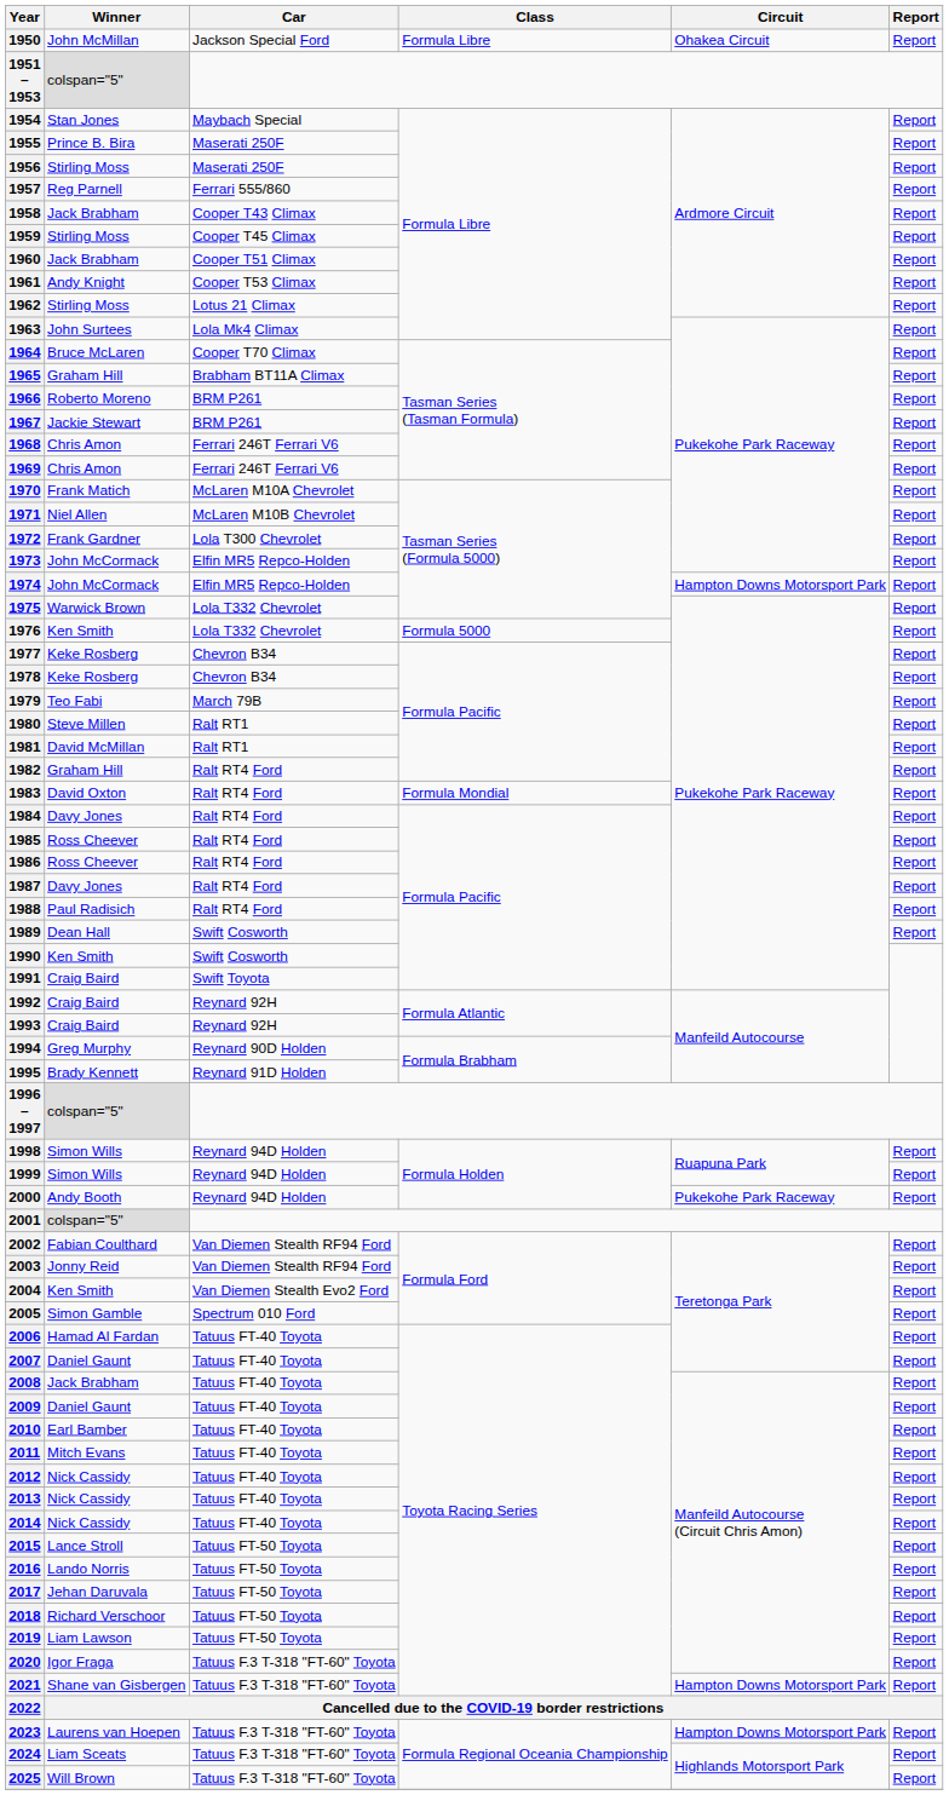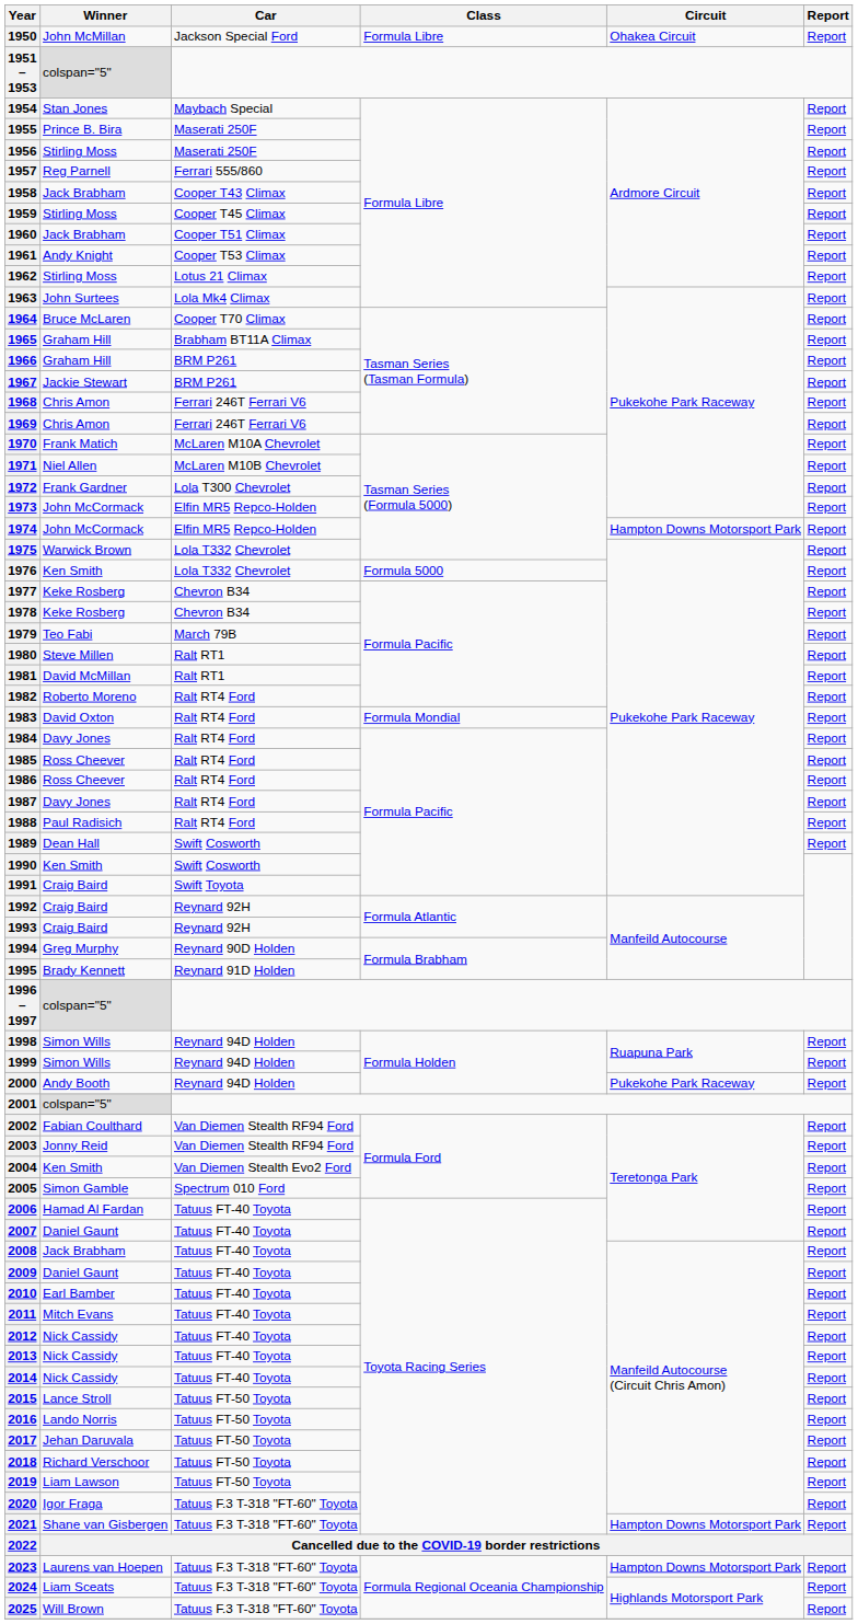 <table class="wikitable" style="font-size: 87%;">
 <tr>
 <th>Year</th>
 <th>Winner</th>
 <th>Car</th>
 <th>Class</th>
 <th>Circuit</th>
 <th>Report</th>
 </tr>
 <tr>
 <th>1950</th>
 <td> <a href='#'>John McMillan</a></td>
 <td>Jackson Special <a href='#'>Ford</a></td>
 <td><a href='#'>Formula Libre</a></td>
 <td><a href='#'>Ohakea Circuit</a></td>
 <td><a href='#'>Report</a></td>
 </tr>
 <tr style="background: #dddddd">
 <th>1951<br>–<br>1953</th>
 <td>colspan="5" </td>
 </tr>
 <tr>
 <th>1954</th>
 <td> <a href='#'>Stan Jones</a></td>
 <td><a href='#'>Maybach</a> Special</td>
 <td rowspan=10><a href='#'>Formula Libre</a></td>
 <td rowspan=9><a href='#'>Ardmore Circuit</a></td>
 <td><a href='#'>Report</a></td>
 </tr>
 <tr>
 <th>1955</th>
 <td> <a href='#'>Prince B. Bira</a></td>
 <td><a href='#'>Maserati 250F</a></td>
 <td><a href='#'>Report</a></td>
 </tr>
 <tr>
 <th>1956</th>
 <td> <a href='#'>Stirling Moss</a></td>
 <td><a href='#'>Maserati 250F</a></td>
 <td><a href='#'>Report</a></td>
 </tr>
 <tr>
 <th>1957</th>
 <td> <a href='#'>Reg Parnell</a></td>
 <td><a href='#'>Ferrari</a> 555/860</td>
 <td><a href='#'>Report</a></td>
 </tr>
 <tr>
 <th>1958</th>
 <td> <a href='#'>Jack Brabham</a></td>
 <td><a href='#'>Cooper T43</a> <a href='#'>Climax</a></td>
 <td><a href='#'>Report</a></td>
 </tr>
 <tr>
 <th>1959</th>
 <td> <a href='#'>Stirling Moss</a></td>
 <td><a href='#'>Cooper</a> T45 <a href='#'>Climax</a></td>
 <td><a href='#'>Report</a></td>
 </tr>
 <tr>
 <th>1960</th>
 <td> <a href='#'>Jack Brabham</a></td>
 <td><a href='#'>Cooper T51</a> <a href='#'>Climax</a></td>
 <td><a href='#'>Report</a></td>
 </tr>
 <tr>
 <th>1961</th>
 <td> <a href='#'>Andy Knight</a></td>
 <td><a href='#'>Cooper</a> T53 <a href='#'>Climax</a></td>
 <td><a href='#'>Report</a></td>
 </tr>
 <tr>
 <th>1962</th>
 <td> <a href='#'>Stirling Moss</a></td>
 <td><a href='#'>Lotus 21</a> <a href='#'>Climax</a></td>
 <td><a href='#'>Report</a></td>
 </tr>
 <tr>
 <th>1963</th>
 <td> <a href='#'>John Surtees</a></td>
 <td><a href='#'>Lola Mk4</a> <a href='#'>Climax</a></td>
 <td rowspan=11><a href='#'>Pukekohe Park Raceway</a></td>
 <td><a href='#'>Report</a></td>
 </tr>
 <tr>
 <th><a href='#'>1964</a></th>
 <td> <a href='#'>Bruce McLaren</a></td>
 <td><a href='#'>Cooper</a> T70 <a href='#'>Climax</a></td>
 <td rowspan=6><a href='#'>Tasman Series</a><br>(<a href='#'>Tasman Formula</a>)</td>
 <td><a href='#'>Report</a></td>
 </tr>
 <tr>
 <th><a href='#'>1965</a></th>
 <td> <a href='#'>Graham Hill</a></td>
 <td><a href='#'>Brabham</a> BT11A <a href='#'>Climax</a></td>
 <td><a href='#'>Report</a></td>
 </tr>
 <tr>
 <th><a href='#'>1966</a></th>
-<td> <a href='#'>Roberto Moreno</a></td>
+<td> <a href='#'>Graham Hill</a></td>
 <td><a href='#'>BRM P261</a></td>
 <td><a href='#'>Report</a></td>
 </tr>
 <tr>
 <th><a href='#'>1967</a></th>
 <td> <a href='#'>Jackie Stewart</a></td>
 <td><a href='#'>BRM P261</a></td>
 <td><a href='#'>Report</a></td>
 </tr>
 <tr>
 <th><a href='#'>1968</a></th>
 <td> <a href='#'>Chris Amon</a></td>
 <td><a href='#'>Ferrari</a> 246T <a href='#'>Ferrari V6</a></td>
 <td><a href='#'>Report</a></td>
 </tr>
 <tr>
 <th><a href='#'>1969</a></th>
 <td> <a href='#'>Chris Amon</a></td>
 <td><a href='#'>Ferrari</a> 246T <a href='#'>Ferrari V6</a></td>
 <td><a href='#'>Report</a></td>
 </tr>
 <tr>
 <th><a href='#'>1970</a></th>
 <td> <a href='#'>Frank Matich</a></td>
 <td><a href='#'>McLaren</a> M10A <a href='#'>Chevrolet</a></td>
 <td rowspan=6><a href='#'>Tasman Series</a><br>(<a href='#'>Formula 5000</a>)</td>
 <td><a href='#'>Report</a></td>
 </tr>
 <tr>
 <th><a href='#'>1971</a></th>
 <td> <a href='#'>Niel Allen</a></td>
 <td><a href='#'>McLaren</a> M10B <a href='#'>Chevrolet</a></td>
 <td><a href='#'>Report</a></td>
 </tr>
 <tr>
 <th><a href='#'>1972</a></th>
 <td> <a href='#'>Frank Gardner</a></td>
 <td><a href='#'>Lola</a> T300 <a href='#'>Chevrolet</a></td>
 <td><a href='#'>Report</a></td>
 </tr>
 <tr>
 <th><a href='#'>1973</a></th>
 <td> <a href='#'>John McCormack</a></td>
 <td><a href='#'>Elfin MR5</a> <a href='#'>Repco-Holden</a></td>
 <td><a href='#'>Report</a></td>
 </tr>
 <tr>
 <th><a href='#'>1974</a></th>
 <td> <a href='#'>John McCormack</a></td>
 <td><a href='#'>Elfin MR5</a> <a href='#'>Repco-Holden</a></td>
 <td><a href='#'>Hampton Downs Motorsport Park</a></td>
 <td><a href='#'>Report</a></td>
 </tr>
 <tr>
 <th><a href='#'>1975</a></th>
 <td> <a href='#'>Warwick Brown</a></td>
 <td><a href='#'>Lola T332</a> <a href='#'>Chevrolet</a></td>
 <td rowspan=17><a href='#'>Pukekohe Park Raceway</a></td>
 <td><a href='#'>Report</a></td>
 </tr>
 <tr>
 <th>1976</th>
 <td> <a href='#'>Ken Smith</a></td>
 <td><a href='#'>Lola T332</a> <a href='#'>Chevrolet</a></td>
 <td><a href='#'>Formula 5000</a></td>
 <td><a href='#'>Report</a></td>
 </tr>
 <tr>
 <th>1977</th>
 <td> <a href='#'>Keke Rosberg</a></td>
 <td><a href='#'>Chevron</a> B34</td>
 <td rowspan=6><a href='#'>Formula Pacific</a></td>
 <td><a href='#'>Report</a></td>
 </tr>
 <tr>
 <th>1978</th>
 <td> <a href='#'>Keke Rosberg</a></td>
 <td><a href='#'>Chevron</a> B34</td>
 <td><a href='#'>Report</a></td>
 </tr>
 <tr>
 <th>1979</th>
 <td> <a href='#'>Teo Fabi</a></td>
 <td><a href='#'>March</a> 79B</td>
 <td><a href='#'>Report</a></td>
 </tr>
 <tr>
 <th>1980</th>
 <td> <a href='#'>Steve Millen</a></td>
 <td><a href='#'>Ralt</a> RT1</td>
 <td><a href='#'>Report</a></td>
 </tr>
 <tr>
 <th>1981</th>
 <td> <a href='#'>David McMillan</a></td>
 <td><a href='#'>Ralt</a> RT1</td>
 <td><a href='#'>Report</a></td>
 </tr>
 <tr>
 <th>1982</th>
-<td> <a href='#'>Graham Hill</a></td>
+<td> <a href='#'>Roberto Moreno</a></td>
 <td><a href='#'>Ralt</a> RT4 <a href='#'>Ford</a></td>
 <td><a href='#'>Report</a></td>
 </tr>
 <tr>
 <th>1983</th>
 <td> <a href='#'>David Oxton</a></td>
 <td><a href='#'>Ralt</a> RT4 <a href='#'>Ford</a></td>
 <td><a href='#'>Formula Mondial</a></td>
 <td><a href='#'>Report</a></td>
 </tr>
 <tr>
 <th>1984</th>
 <td> <a href='#'>Davy Jones</a></td>
 <td><a href='#'>Ralt</a> RT4 <a href='#'>Ford</a></td>
 <td rowspan=8><a href='#'>Formula Pacific</a></td>
 <td><a href='#'>Report</a></td>
 </tr>
 <tr>
 <th>1985</th>
 <td> <a href='#'>Ross Cheever</a></td>
 <td><a href='#'>Ralt</a> RT4 <a href='#'>Ford</a></td>
 <td><a href='#'>Report</a></td>
 </tr>
 <tr>
 <th>1986</th>
 <td> <a href='#'>Ross Cheever</a></td>
 <td><a href='#'>Ralt</a> RT4 <a href='#'>Ford</a></td>
 <td><a href='#'>Report</a></td>
 </tr>
 <tr>
 <th>1987</th>
 <td> <a href='#'>Davy Jones</a></td>
 <td><a href='#'>Ralt</a> RT4 <a href='#'>Ford</a></td>
 <td><a href='#'>Report</a></td>
 </tr>
 <tr>
 <th>1988</th>
 <td> <a href='#'>Paul Radisich</a></td>
 <td><a href='#'>Ralt</a> RT4 <a href='#'>Ford</a></td>
 <td><a href='#'>Report</a></td>
 </tr>
 <tr>
 <th>1989</th>
 <td> <a href='#'>Dean Hall</a></td>
 <td><a href='#'>Swift</a> <a href='#'>Cosworth</a></td>
 <td><a href='#'>Report</a></td>
 </tr>
 <tr>
 <th>1990</th>
 <td> <a href='#'>Ken Smith</a></td>
 <td><a href='#'>Swift</a> <a href='#'>Cosworth</a></td>
 <td rowspan=6></td>
 </tr>
 <tr>
 <th>1991</th>
 <td> <a href='#'>Craig Baird</a></td>
 <td><a href='#'>Swift</a> <a href='#'>Toyota</a></td>
 </tr>
 <tr>
 <th>1992</th>
 <td> <a href='#'>Craig Baird</a></td>
 <td><a href='#'>Reynard</a> 92H</td>
 <td rowspan=2><a href='#'>Formula Atlantic</a></td>
 <td rowspan=4><a href='#'>Manfeild Autocourse</a></td>
 </tr>
 <tr>
 <th>1993</th>
 <td> <a href='#'>Craig Baird</a></td>
 <td><a href='#'>Reynard</a> 92H</td>
 </tr>
 <tr>
 <th>1994</th>
 <td> <a href='#'>Greg Murphy</a></td>
 <td><a href='#'>Reynard</a> 90D <a href='#'>Holden</a></td>
 <td rowspan=2><a href='#'>Formula Brabham</a></td>
 </tr>
 <tr>
 <th>1995</th>
 <td> <a href='#'>Brady Kennett</a></td>
 <td><a href='#'>Reynard</a> 91D <a href='#'>Holden</a></td>
 </tr>
 <tr style="background: #dddddd">
 <th>1996<br>–<br>1997</th>
 <td>colspan="5" </td>
 </tr>
 <tr>
 <th>1998</th>
 <td> <a href='#'>Simon Wills</a></td>
 <td><a href='#'>Reynard</a> 94D <a href='#'>Holden</a></td>
 <td rowspan=3><a href='#'>Formula Holden</a></td>
 <td rowspan=2><a href='#'>Ruapuna Park</a></td>
 <td><a href='#'>Report</a></td>
 </tr>
 <tr>
 <th>1999</th>
 <td> <a href='#'>Simon Wills</a></td>
 <td><a href='#'>Reynard</a> 94D <a href='#'>Holden</a></td>
 <td><a href='#'>Report</a></td>
 </tr>
 <tr>
 <th>2000</th>
 <td> <a href='#'>Andy Booth</a></td>
 <td><a href='#'>Reynard</a> 94D <a href='#'>Holden</a></td>
 <td><a href='#'>Pukekohe Park Raceway</a></td>
 <td><a href='#'>Report</a></td>
 </tr>
 <tr style="background: #dddddd">
 <th>2001</th>
 <td>colspan="5" </td>
 </tr>
 <tr>
 <th>2002</th>
 <td> <a href='#'>Fabian Coulthard</a></td>
 <td><a href='#'>Van Diemen</a> Stealth RF94 <a href='#'>Ford</a></td>
 <td rowspan=4><a href='#'>Formula Ford</a></td>
 <td rowspan=6><a href='#'>Teretonga Park</a></td>
 <td><a href='#'>Report</a></td>
 </tr>
 <tr>
 <th>2003</th>
 <td> <a href='#'>Jonny Reid</a></td>
 <td><a href='#'>Van Diemen</a> Stealth RF94 <a href='#'>Ford</a></td>
 <td><a href='#'>Report</a></td>
 </tr>
 <tr>
 <th>2004</th>
 <td> <a href='#'>Ken Smith</a></td>
 <td><a href='#'>Van Diemen</a> Stealth Evo2 <a href='#'>Ford</a></td>
 <td><a href='#'>Report</a></td>
 </tr>
 <tr>
 <th>2005</th>
 <td> <a href='#'>Simon Gamble</a></td>
 <td><a href='#'>Spectrum</a> 010 <a href='#'>Ford</a></td>
 <td><a href='#'>Report</a></td>
 </tr>
 <tr>
 <th><a href='#'>2006</a></th>
 <td> <a href='#'>Hamad Al Fardan</a></td>
 <td><a href='#'>Tatuus</a> FT-40 <a href='#'>Toyota</a></td>
 <td rowspan=16><a href='#'>Toyota Racing Series</a></td>
 <td><a href='#'>Report</a></td>
 </tr>
 <tr>
 <th><a href='#'>2007</a></th>
 <td> <a href='#'>Daniel Gaunt</a></td>
 <td><a href='#'>Tatuus</a> FT-40 <a href='#'>Toyota</a></td>
 <td><a href='#'>Report</a></td>
 </tr>
 <tr>
 <th><a href='#'>2008</a></th>
 <td> <a href='#'>Jack Brabham</a></td>
 <td><a href='#'>Tatuus</a> FT-40 <a href='#'>Toyota</a></td>
 <td rowspan=13><a href='#'>Manfeild Autocourse</a><br>(Circuit Chris Amon)</td>
 <td><a href='#'>Report</a></td>
 </tr>
 <tr>
 <th><a href='#'>2009</a></th>
 <td> <a href='#'>Daniel Gaunt</a></td>
 <td><a href='#'>Tatuus</a> FT-40 <a href='#'>Toyota</a></td>
 <td><a href='#'>Report</a></td>
 </tr>
 <tr>
 <th><a href='#'>2010</a></th>
 <td> <a href='#'>Earl Bamber</a></td>
 <td><a href='#'>Tatuus</a> FT-40 <a href='#'>Toyota</a></td>
 <td><a href='#'>Report</a></td>
 </tr>
 <tr>
 <th><a href='#'>2011</a></th>
 <td> <a href='#'>Mitch Evans</a></td>
 <td><a href='#'>Tatuus</a> FT-40 <a href='#'>Toyota</a></td>
 <td><a href='#'>Report</a></td>
 </tr>
 <tr>
 <th><a href='#'>2012</a></th>
 <td> <a href='#'>Nick Cassidy</a></td>
 <td><a href='#'>Tatuus</a> FT-40 <a href='#'>Toyota</a></td>
 <td><a href='#'>Report</a></td>
 </tr>
 <tr>
 <th><a href='#'>2013</a></th>
 <td> <a href='#'>Nick Cassidy</a></td>
 <td><a href='#'>Tatuus</a> FT-40 <a href='#'>Toyota</a></td>
 <td><a href='#'>Report</a></td>
 </tr>
 <tr>
 <th><a href='#'>2014</a></th>
 <td> <a href='#'>Nick Cassidy</a></td>
 <td><a href='#'>Tatuus</a> FT-40 <a href='#'>Toyota</a></td>
 <td><a href='#'>Report</a></td>
 </tr>
 <tr>
 <th><a href='#'>2015</a></th>
 <td> <a href='#'>Lance Stroll</a></td>
 <td><a href='#'>Tatuus</a> FT-50 <a href='#'>Toyota</a></td>
 <td><a href='#'>Report</a></td>
 </tr>
 <tr>
 <th><a href='#'>2016</a></th>
 <td> <a href='#'>Lando Norris</a></td>
 <td><a href='#'>Tatuus</a> FT-50 <a href='#'>Toyota</a></td>
 <td><a href='#'>Report</a></td>
 </tr>
 <tr>
 <th><a href='#'>2017</a></th>
 <td> <a href='#'>Jehan Daruvala</a></td>
 <td><a href='#'>Tatuus</a> FT-50 <a href='#'>Toyota</a></td>
 <td><a href='#'>Report</a></td>
 </tr>
 <tr>
 <th><a href='#'>2018</a></th>
 <td> <a href='#'>Richard Verschoor</a></td>
 <td><a href='#'>Tatuus</a> FT-50 <a href='#'>Toyota</a></td>
 <td><a href='#'>Report</a></td>
 </tr>
 <tr>
 <th><a href='#'>2019</a></th>
 <td> <a href='#'>Liam Lawson</a></td>
 <td><a href='#'>Tatuus</a> FT-50 <a href='#'>Toyota</a></td>
 <td><a href='#'>Report</a></td>
 </tr>
 <tr>
 <th><a href='#'>2020</a></th>
 <td> <a href='#'>Igor Fraga</a></td>
 <td><a href='#'>Tatuus</a> F.3 T-318 "FT-60" <a href='#'>Toyota</a></td>
 <td><a href='#'>Report</a></td>
 </tr>
 <tr>
 <th><a href='#'>2021</a></th>
 <td> <a href='#'>Shane van Gisbergen</a></td>
 <td><a href='#'>Tatuus</a> F.3 T-318 "FT-60" <a href='#'>Toyota</a></td>
 <td><a href='#'>Hampton Downs Motorsport Park</a></td>
 <td><a href='#'>Report</a></td>
 </tr>
 <tr>
 <th><a href='#'>2022</a></th>
 <th colspan=5>Cancelled due to the <a href='#'>COVID-19</a> border restrictions</th>
 </tr>
 <tr>
 <th><a href='#'>2023</a></th>
 <td> <a href='#'>Laurens van Hoepen</a></td>
 <td><a href='#'>Tatuus</a> F.3 T-318 "FT-60" <a href='#'>Toyota</a></td>
 <td rowspan=3><a href='#'>Formula Regional Oceania Championship</a></td>
 <td><a href='#'>Hampton Downs Motorsport Park</a></td>
 <td><a href='#'>Report</a></td>
 </tr>
 <tr>
 <th><a href='#'>2024</a></th>
 <td> <a href='#'>Liam Sceats</a></td>
 <td><a href='#'>Tatuus</a> F.3 T-318 "FT-60" <a href='#'>Toyota</a></td>
 <td rowspan=2><a href='#'>Highlands Motorsport Park</a></td>
 <td><a href='#'>Report</a></td>
 </tr>
 <tr>
 <th><a href='#'>2025</a></th>
 <td> <a href='#'>Will Brown</a></td>
 <td><a href='#'>Tatuus</a> F.3 T-318 "FT-60" <a href='#'>Toyota</a></td>
 <td><a href='#'>Report</a></td>
 </tr>
 <tr>
 </tr>
 </table>
